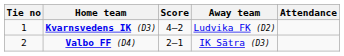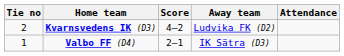 <table class="wikitable" style="text-align:center">
 <tr>
 <th style= style="width:40px;">Tie no</th>
 <th style= style="width:150px;">Home team</th>
 <th style= style="width:60px;">Score</th>
 <th style= style="width:150px;">Away team</th>
 <th style= style="width:30px;">Attendance</th>
 </tr>
 <tr>
-<td>1</td>
+<td>2</td>
 <td><strong><a href='#'>Kvarnsvedens IK</a></strong> <em><small>(D3)</small></em></td>
 <td>4–2</td>
 <td><a href='#'>Ludvika FK</a> <em><small>(D2)</small></em></td>
 <td></td>
 </tr>
 <tr>
-<td>2</td>
+<td>1</td>
 <td><strong><a href='#'>Valbo FF</a></strong> <em><small>(D4)</small></em></td>
 <td>2–1</td>
 <td><a href='#'>IK Sätra</a> <em><small>(D3)</small></em></td>
 <td></td>
 </tr>
 </table>
